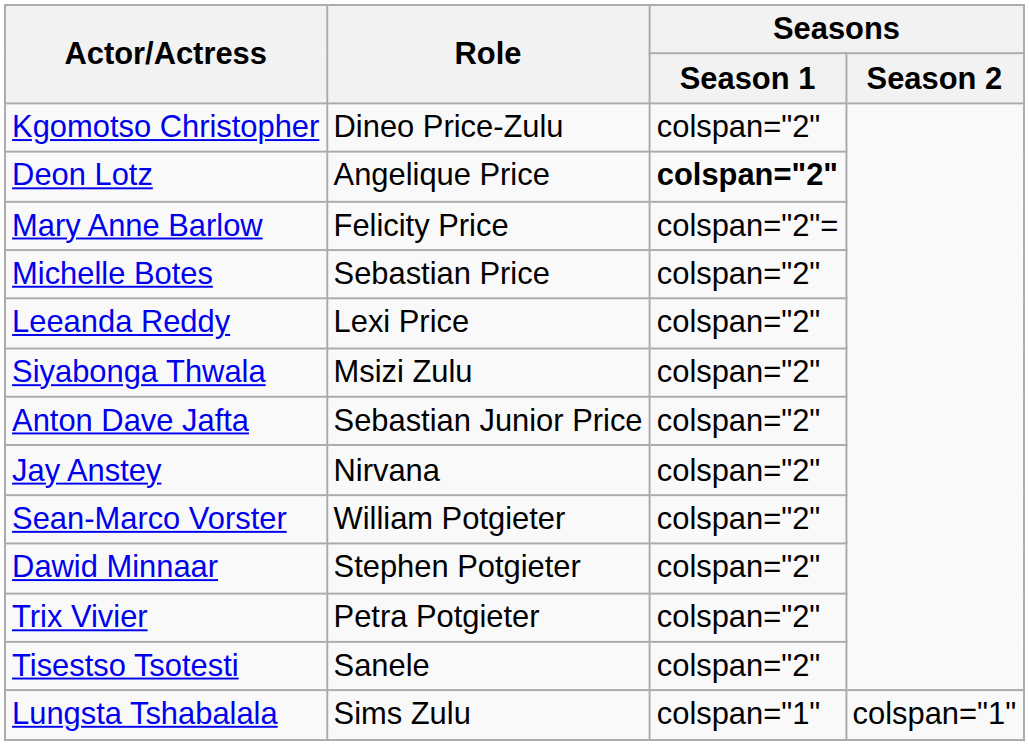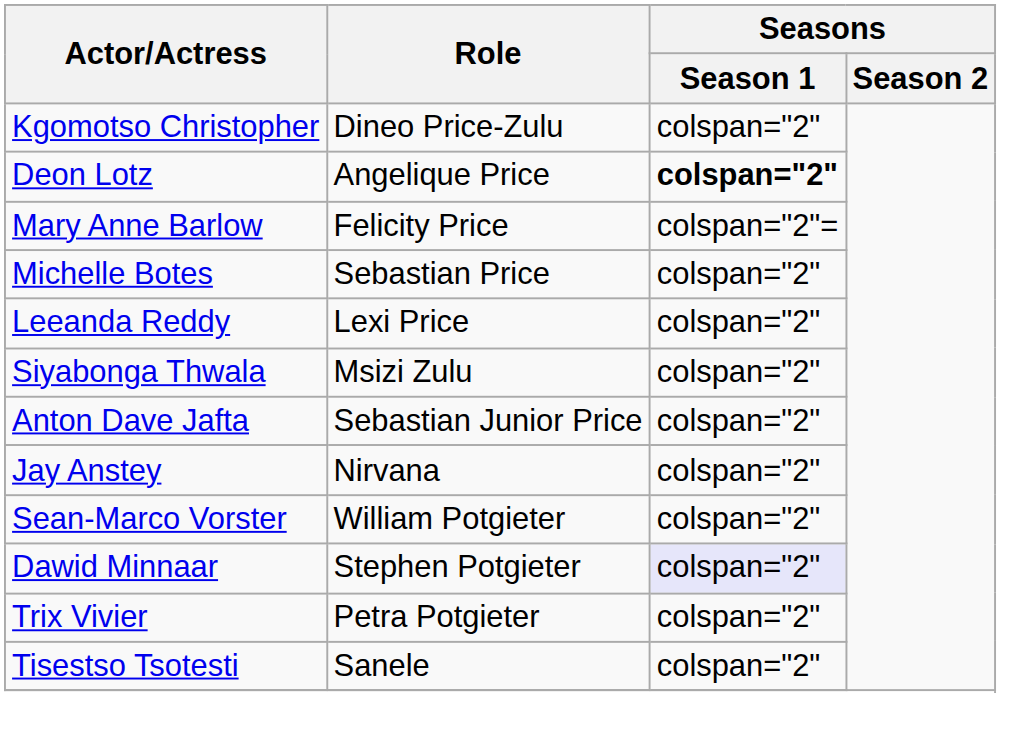 <table class="wikitable">
 <tr>
 <th rowspan="2">Actor/Actress</th>
 <th rowspan="2">Role</th>
 <th colspan="2">Seasons</th>
 </tr>
 <tr>
 <th>Season 1</th>
 <th>Season 2</th>
 </tr>
 <tr>
 <td><a href='#'>Kgomotso Christopher</a></td>
 <td>Dineo Price-Zulu</td>
 <td>colspan="2" </td>
 </tr>
 <tr>
 <td><a href='#'>Deon Lotz</a></td>
 <td>Angelique Price</td>
 <td><strong>colspan="2" </strong></td>
 </tr>
 <tr>
 <td><a href='#'>Mary Anne Barlow</a></td>
 <td>Felicity Price</td>
 <td>colspan="2"= </td>
 </tr>
 <tr>
 <td><a href='#'>Michelle Botes</a></td>
 <td>Sebastian Price</td>
 <td>colspan="2" </td>
 </tr>
 <tr>
 <td><a href='#'>Leeanda Reddy</a></td>
 <td>Lexi Price</td>
 <td>colspan="2"</td>
 </tr>
 <tr>
 <td><a href='#'>Siyabonga Thwala</a></td>
 <td>Msizi Zulu</td>
 <td>colspan="2" </td>
 </tr>
 <tr>
 <td><a href='#'>Anton Dave Jafta</a></td>
 <td>Sebastian Junior Price</td>
 <td>colspan="2" </td>
 </tr>
 <tr>
 <td><a href='#'>Jay Anstey </a></td>
 <td>Nirvana</td>
 <td>colspan="2"</td>
 </tr>
 <tr>
 <td><a href='#'>Sean-Marco Vorster</a></td>
 <td>William Potgieter</td>
 <td>colspan="2" </td>
 </tr>
 <tr>
 <td><a href='#'>Dawid Minnaar</a></td>
 <td>Stephen Potgieter</td>
-<td>colspan="2" </td>
+<td style="background: lavender;">colspan="2" </td>
 </tr>
 <tr>
 <td><a href='#'>Trix Vivier</a></td>
 <td>Petra Potgieter</td>
 <td>colspan="2" </td>
 </tr>
 <tr>
 <td><a href='#'>Tisestso Tsotesti</a></td>
 <td>Sanele</td>
 <td>colspan="2" </td>
 </tr>
 <tr>
-<td><a href='#'>Lungsta Tshabalala</a></td>
-<td>Sims Zulu</td>
-<td>colspan="1" </td>
-<td>colspan="1"</td>
-</tr>
-<tr>
 </tr>
 </table>
